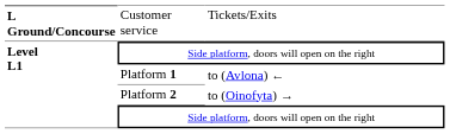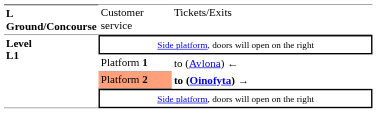 <table table border=0 cellspacing=0 cellpadding=3>
 <tr>
 <td style="border-bottom:solid 1px gray;border-top:solid 2px gray;" width=50 valign=top><strong>L<br>Ground/Concourse</strong></td>
 <td style="border-top:solid 1px gray;border-bottom:solid 1px gray;" width=100 valign=top>Customer service</td>
 <td style="border-top:solid 1px gray;border-bottom:solid 1px gray;" width=285 valign=top>Tickets/Exits</td>
 </tr>
 <tr>
 <td style="border-bottom:solid 1px gray;" rowspan=4 valign=top><strong>Level<br>L1</strong></td>
 <td style="border-top:solid 2px black;border-right:solid 2px black;border-left:solid 2px black;border-bottom:solid 2px black;text-align:center;" colspan=2><small><a href='#'>Side platform</a>, doors will open on the right</small></td>
 </tr>
 <tr>
 <td style="border-bottom:solid 1px gray;">Platform <strong>1</strong></td>
 <td> to  (<a href='#'>Avlona</a>)  ←</td>
 </tr>
 <tr>
-<td style="border-bottom:solid 1px gray;">Platform <strong>2</strong></td>
-<td> to  (<a href='#'>Oinofyta</a>) →</td>
+<td style="background: lightsalmon; border-bottom:solid 1px gray;">Platform <strong>2</strong></td>
+<td><strong> to  (<a href='#'>Oinofyta</a>) →</strong></td>
 </tr>
 <tr>
 <td style="border-top:solid 2px black;border-left:solid 2px black;border-right:solid 2px black;border-bottom:solid 2px black;text-align:center;" colspan=2><small><a href='#'>Side platform</a>, doors will open on the right</small></td>
 </tr>
 </table>
